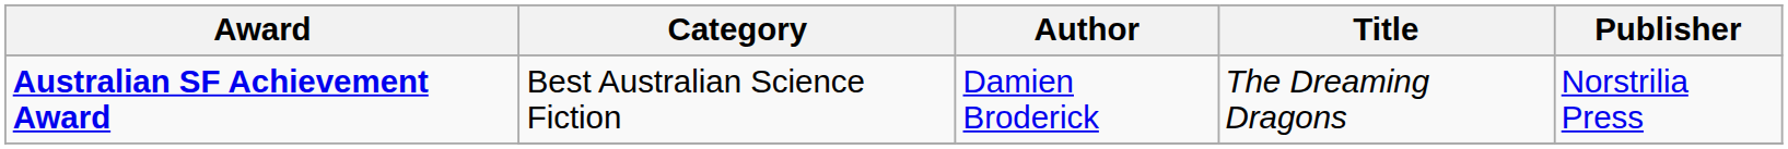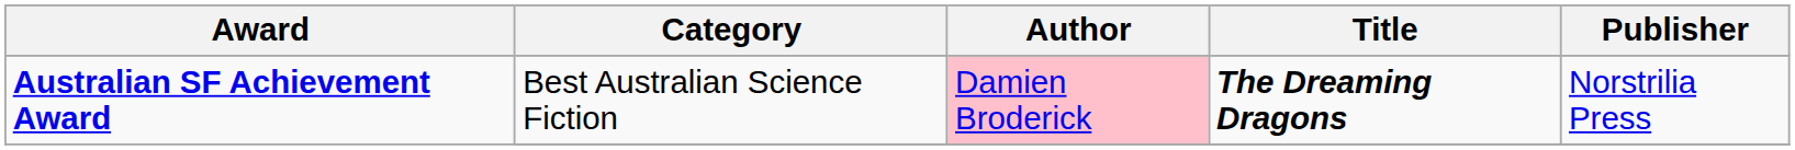 <table class="wikitable" width=100%>
 <tr>
 <th>Award</th>
 <th>Category</th>
 <th>Author</th>
 <th>Title</th>
 <th>Publisher</th>
 </tr>
 <tr>
 <td rowspan=2><strong><a href='#'> Australian SF Achievement Award</a></strong></td>
 <td>Best Australian Science Fiction</td>
-<td><a href='#'>Damien Broderick</a></td>
-<td><em>The Dreaming Dragons</em></td>
+<td style="background: pink;"><a href='#'>Damien Broderick</a></td>
+<td><strong><em>The Dreaming Dragons</em></strong></td>
 <td><a href='#'>Norstrilia Press</a></td>
 </tr>
 <tr>
 </tr>
 </table>
